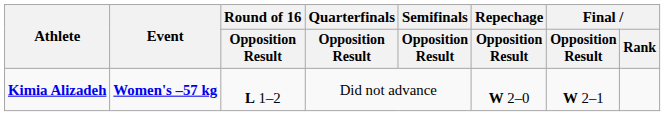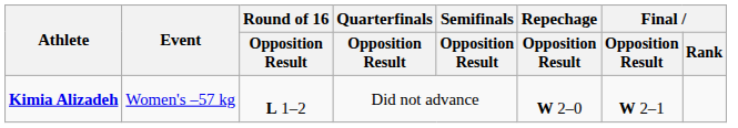 <table class=wikitable style=font-size:90%;text-align:center>
 <tr>
 <th rowspan=2>Athlete</th>
 <th rowspan=2>Event</th>
 <th>Round of 16</th>
 <th>Quarterfinals</th>
 <th>Semifinals</th>
 <th>Repechage</th>
 <th colspan=2>Final / </th>
 </tr>
 <tr style=font-size:95%>
 <th>Opposition<br>Result</th>
 <th>Opposition<br>Result</th>
 <th>Opposition<br>Result</th>
 <th>Opposition<br>Result</th>
 <th>Opposition<br>Result</th>
 <th>Rank</th>
 </tr>
 <tr>
 <td align=left><strong><a href='#'>Kimia Alizadeh</a></strong></td>
-<td align=left><strong><a href='#'>Women's –57 kg</a></strong></td>
+<td align=left><a href='#'>Women's –57 kg</a></td>
 <td><br><strong>L</strong> 1–2</td>
 <td colspan="2">Did not advance</td>
 <td><br> <strong>W</strong> 2–0</td>
 <td><br> <strong>W</strong> 2–1</td>
 <td></td>
 </tr>
 </table>
